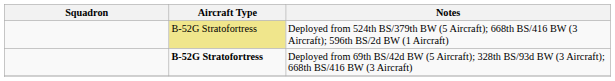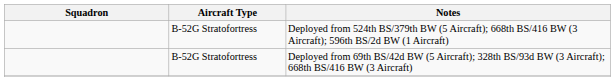 <table class="wikitable">
 <tr>
 <th scope="col" width="250">Squadron</th>
 <th scope="col" width="175">Aircraft Type</th>
 <th scope="col" width="500">Notes</th>
 </tr>
 <tr valign="top">
 <td></td>
-<td style="background: khaki;">B-52G Stratofortress</td>
+<td>B-52G Stratofortress</td>
 <td>Deployed from 524th BS/379th BW (5 Aircraft); 668th BS/416 BW (3 Aircraft); 596th BS/2d BW (1 Aircraft)</td>
 </tr>
 <tr valign="top">
 <td></td>
-<td><strong>B-52G Stratofortress</strong></td>
+<td>B-52G Stratofortress</td>
 <td>Deployed from 69th BS/42d BW (5 Aircraft); 328th BS/93d BW (3 Aircraft); 668th BS/416 BW (3 Aircraft)</td>
 </tr>
 <tr>
 </tr>
 <tr>
 </tr>
 <tr>
 </tr>
 </table>
